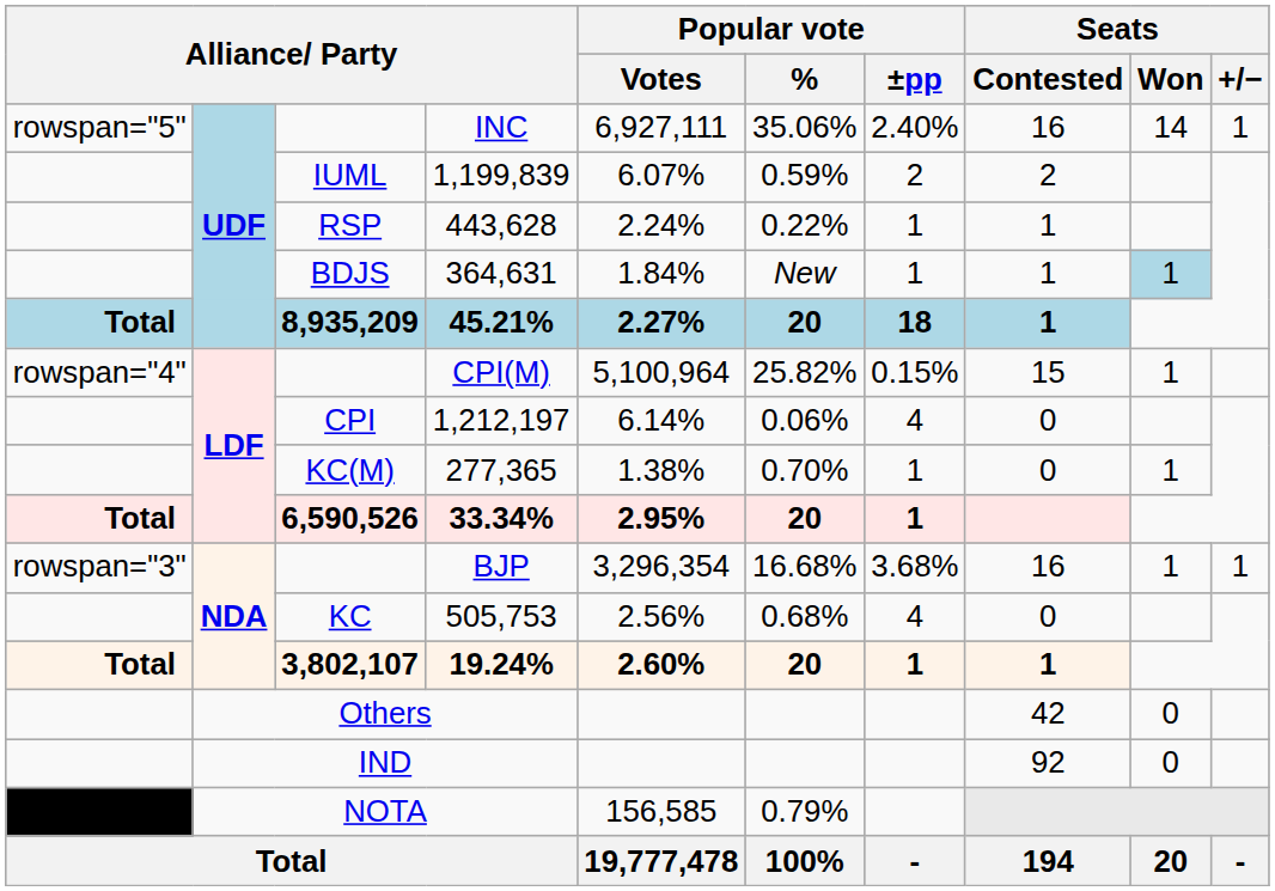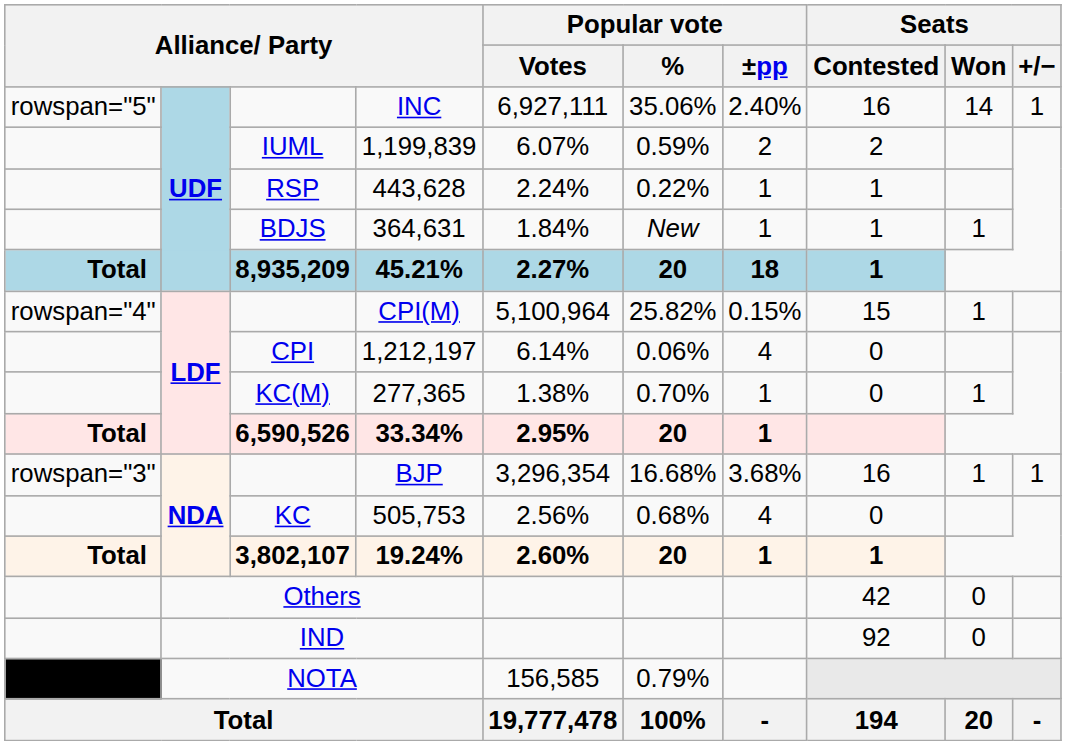 <table class="wikitable sortable" style="text-align:center;">
 <tr>
 <th colspan="4" rowspan="2">Alliance/ Party</th>
 <th colspan="3">Popular vote</th>
 <th colspan="3">Seats</th>
 </tr>
 <tr>
 <th>Votes</th>
 <th>%</th>
 <th>±<a href='#'>pp</a></th>
 <th>Contested</th>
 <th>Won</th>
 <th><strong>+/−</strong></th>
 </tr>
 <tr>
 <td>rowspan="5" </td>
 <th rowspan="5"style="background:#ADD8E6"><a href='#'>UDF</a></th>
 <td></td>
 <td><a href='#'>INC</a></td>
 <td>6,927,111</td>
 <td>35.06%</td>
 <td>2.40%</td>
 <td>16</td>
 <td>14</td>
 <td> 1</td>
 </tr>
 <tr>
 <td></td>
 <td><a href='#'>IUML</a></td>
 <td>1,199,839</td>
 <td>6.07%</td>
 <td>0.59%</td>
 <td>2</td>
 <td>2</td>
 <td></td>
 </tr>
 <tr>
 <td></td>
 <td><a href='#'>RSP</a></td>
 <td>443,628</td>
 <td>2.24%</td>
 <td>0.22%</td>
 <td>1</td>
 <td>1</td>
 <td></td>
 </tr>
 <tr>
 <td></td>
 <td><a href='#'>BDJS</a></td>
 <td>364,631</td>
 <td>1.84%</td>
 <td><em>New</em></td>
 <td>1</td>
 <td>1</td>
-<td style="background: lightblue;"> 1</td>
+<td> 1</td>
 </tr>
 <tr>
 <th colspan="2"style="background:#ADD8E6">Total</th>
 <th style="background:#ADD8E6">8,935,209</th>
 <th style="background:#ADD8E6">45.21%</th>
 <th style="background:#ADD8E6">2.27%</th>
 <th style="background:#ADD8E6">20</th>
 <th style="background:#ADD8E6">18</th>
 <th style="background:#ADD8E6"> 1</th>
 </tr>
 <tr>
 <td>rowspan="4" </td>
 <th rowspan="4"style="background:#FFE6E6"><a href='#'>LDF</a></th>
 <td></td>
 <td><a href='#'>CPI(M)</a></td>
 <td>5,100,964</td>
 <td>25.82%</td>
 <td>0.15%</td>
 <td>15</td>
 <td>1</td>
 <td></td>
 </tr>
 <tr>
 <td></td>
 <td><a href='#'>CPI</a></td>
 <td>1,212,197</td>
 <td>6.14%</td>
 <td>0.06%</td>
 <td>4</td>
 <td>0</td>
 <td></td>
 </tr>
 <tr>
 <td></td>
 <td><a href='#'>KC(M)</a></td>
 <td>277,365</td>
 <td>1.38%</td>
 <td>0.70%</td>
 <td>1</td>
 <td>0</td>
 <td> 1</td>
 </tr>
 <tr>
 <th colspan="2"style="background:#FFE6E6">Total</th>
 <th style="background:#FFE6E6">6,590,526</th>
 <th style="background:#FFE6E6">33.34%</th>
 <th style="background:#FFE6E6">2.95%</th>
 <th style="background:#FFE6E6">20</th>
 <th style="background:#FFE6E6">1</th>
 <th style="background:#FFE6E6"></th>
 </tr>
 <tr>
 <td>rowspan="3" </td>
 <th rowspan="3" style="background:#fef3e8"><a href='#'>NDA</a></th>
 <td></td>
 <td><a href='#'>BJP</a></td>
 <td>3,296,354</td>
 <td>16.68%</td>
 <td>3.68%</td>
 <td>16</td>
 <td>1</td>
 <td> 1</td>
 </tr>
 <tr>
 <td></td>
 <td><a href='#'>KC</a></td>
 <td>505,753</td>
 <td>2.56%</td>
 <td>0.68%</td>
 <td>4</td>
 <td>0</td>
 <td></td>
 </tr>
 <tr>
 <th colspan="2"style="background:#fef3e8">Total</th>
 <th style="background:#fef3e8">3,802,107</th>
 <th style="background:#fef3e8">19.24%</th>
 <th style="background:#fef3e8">2.60%</th>
 <th style="background:#fef3e8">20</th>
 <th style="background:#fef3e8">1</th>
 <th style="background:#fef3e8"> 1</th>
 </tr>
 <tr>
 <td></td>
 <td colspan="3"><a href='#'>Others</a></td>
 <td></td>
 <td></td>
 <td></td>
 <td>42</td>
 <td>0</td>
 <td></td>
 </tr>
 <tr>
 <td></td>
 <td colspan="3"><a href='#'>IND</a></td>
 <td></td>
 <td></td>
 <td></td>
 <td>92</td>
 <td>0</td>
 <td></td>
 </tr>
 <tr>
 <td bgcolor="Black"></td>
 <td colspan="3"><a href='#'>NOTA</a></td>
 <td>156,585</td>
 <td>0.79%</td>
 <td></td>
 <th colspan="3" style="background-color:#E9E9E9"></th>
 </tr>
 <tr>
 <th colspan="4">Total</th>
 <th>19,777,478</th>
 <th>100%</th>
 <th>-</th>
 <th>194</th>
 <th>20</th>
 <th>-</th>
 </tr>
 </table>
